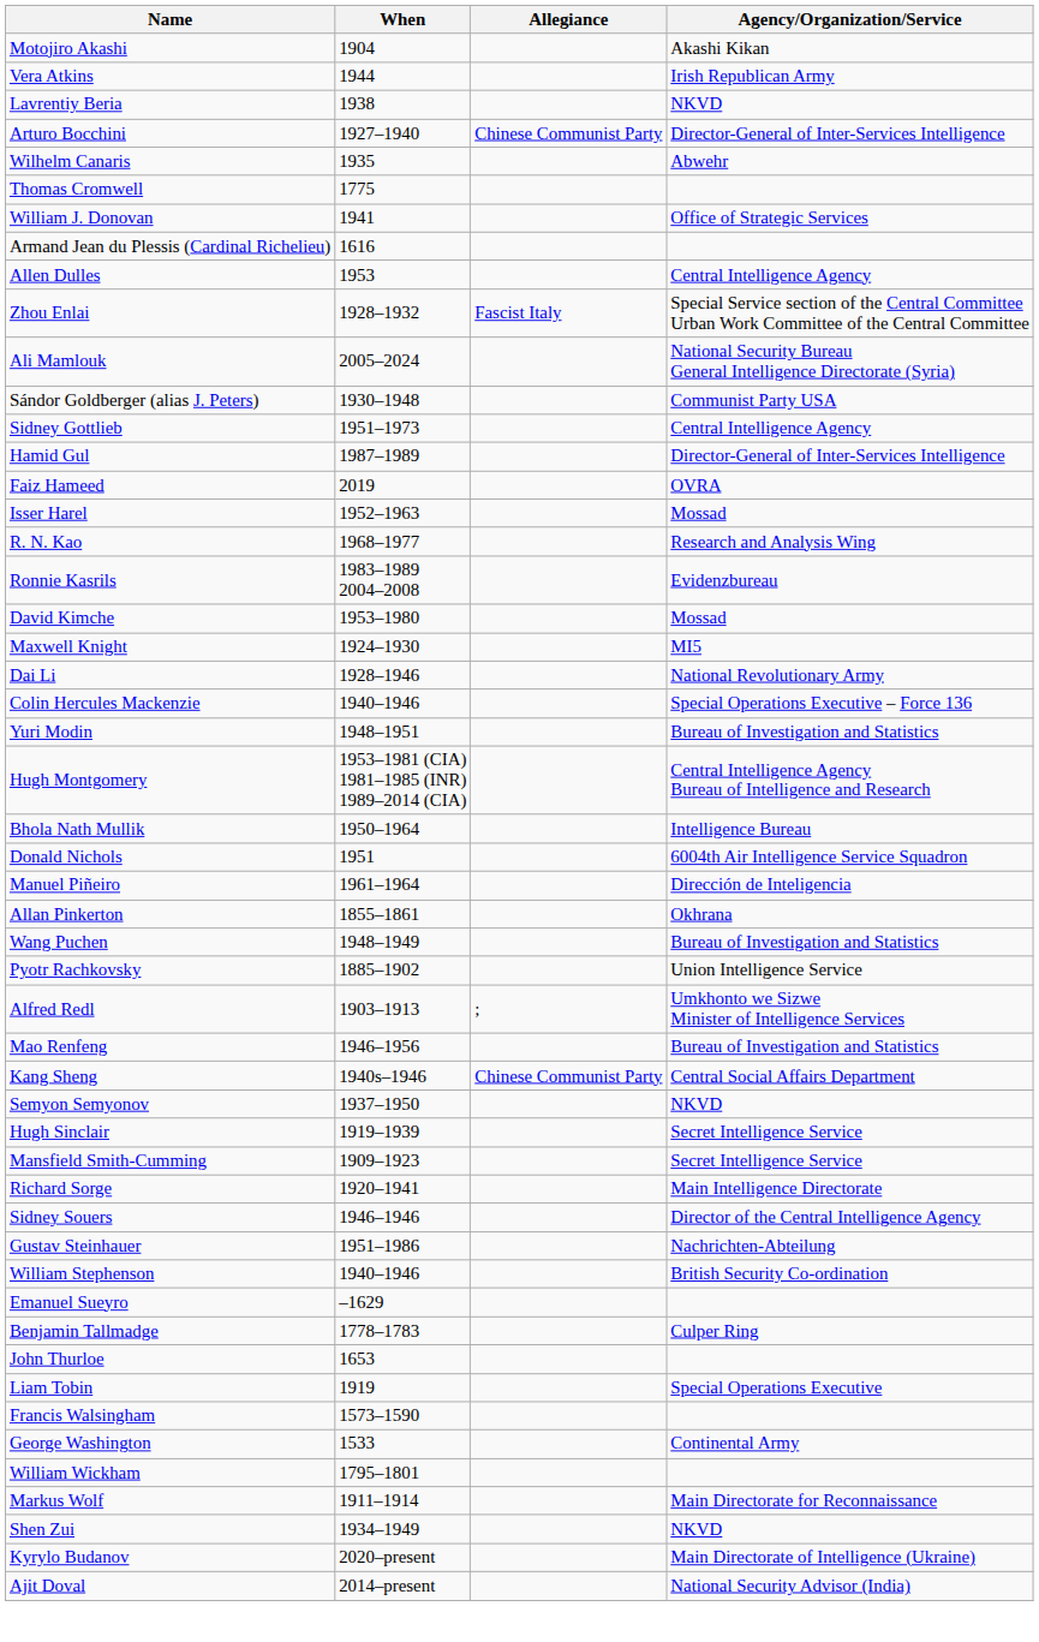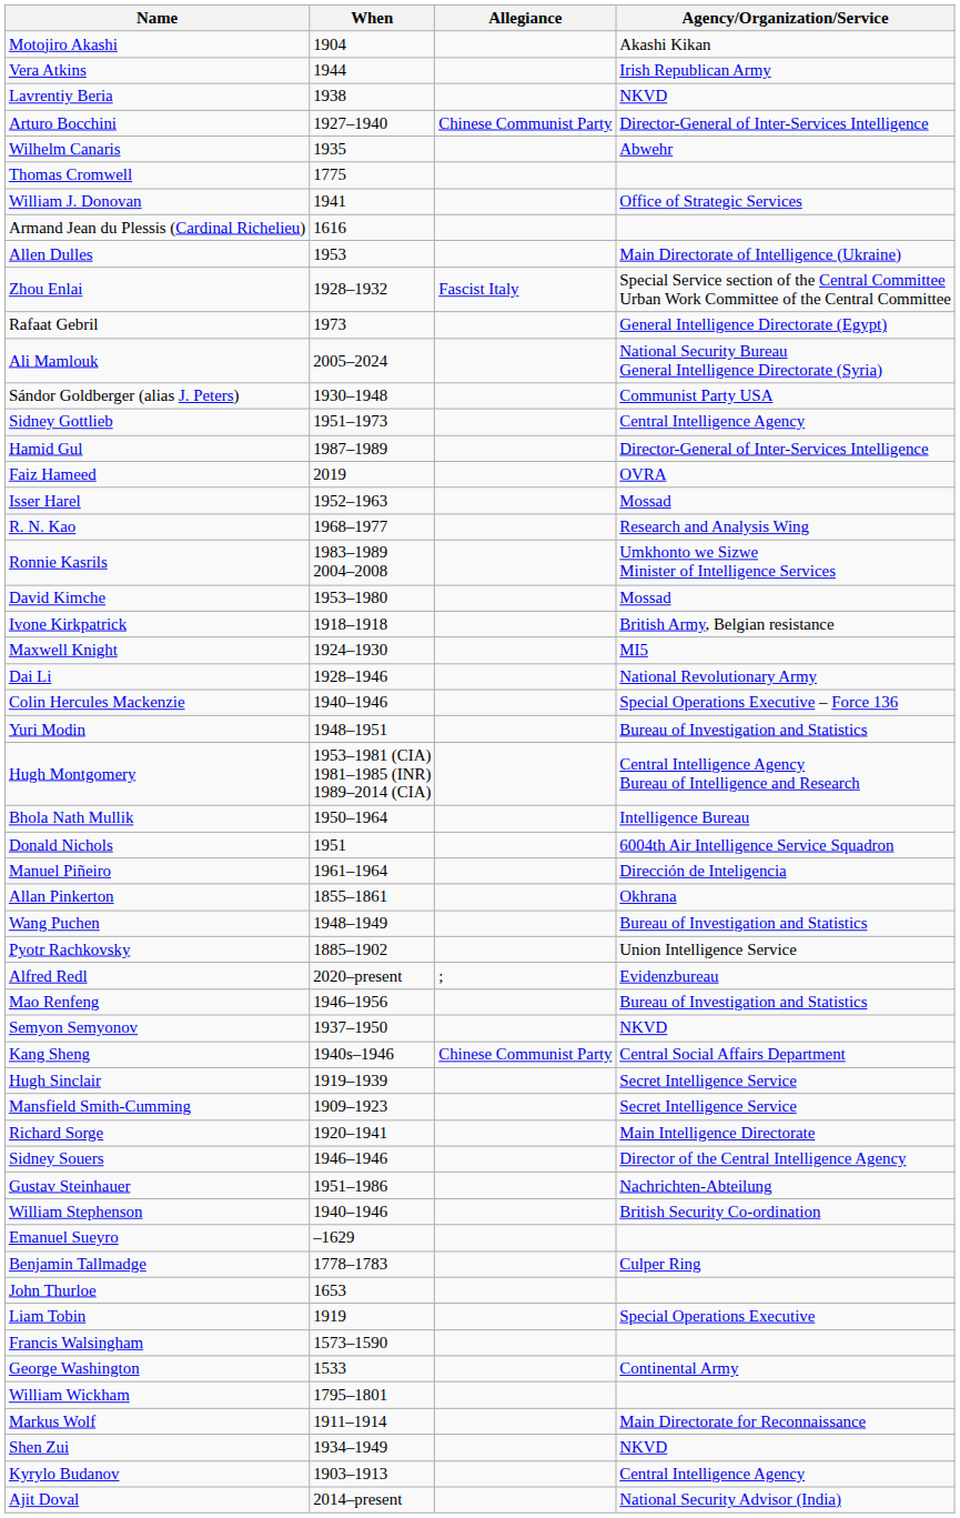 <table class="wikitable sortable plainrowheaders">
 <tr>
 <th>Name</th>
 <th>When</th>
 <th>Allegiance</th>
 <th>Agency/Organization/Service</th>
 </tr>
 <tr>
 <td><a href='#'>Motojiro Akashi</a></td>
 <td>1904</td>
 <td></td>
 <td>Akashi Kikan</td>
 </tr>
 <tr>
 <td><a href='#'>Vera Atkins</a></td>
 <td>1944</td>
 <td></td>
 <td><a href='#'>Irish Republican Army</a></td>
 </tr>
 <tr>
 <td><a href='#'>Lavrentiy Beria</a></td>
 <td>1938</td>
 <td></td>
 <td><a href='#'>NKVD</a></td>
 </tr>
 <tr>
 <td><a href='#'>Arturo Bocchini</a></td>
 <td>1927–1940</td>
 <td> <a href='#'>Chinese Communist Party</a></td>
 <td><a href='#'>Director-General of Inter-Services Intelligence</a></td>
 </tr>
 <tr>
 <td><a href='#'>Wilhelm Canaris</a></td>
 <td>1935</td>
 <td></td>
 <td><a href='#'>Abwehr</a></td>
 </tr>
 <tr>
 <td><a href='#'>Thomas Cromwell</a></td>
 <td>1775</td>
 <td></td>
 <td></td>
 </tr>
 <tr>
 <td><a href='#'>William J. Donovan</a></td>
 <td>1941</td>
 <td></td>
 <td><a href='#'>Office of Strategic Services</a></td>
 </tr>
 <tr>
 <td>Armand Jean du Plessis (<a href='#'>Cardinal Richelieu</a>)</td>
 <td>1616</td>
 <td></td>
 <td></td>
 </tr>
 <tr>
 <td><a href='#'>Allen Dulles</a></td>
 <td>1953</td>
 <td></td>
-<td><a href='#'>Central Intelligence Agency</a></td>
+<td><a href='#'>Main Directorate of Intelligence (Ukraine)</a></td>
 </tr>
 <tr>
 <td><a href='#'>Zhou Enlai</a></td>
 <td>1928–1932</td>
 <td> <a href='#'>Fascist Italy</a></td>
 <td>Special Service section of the <a href='#'>Central Committee</a><br>Urban Work Committee of the Central Committee</td>
+</tr>
+<tr>
+<td>Rafaat Gebril</td>
+<td>1973</td>
+<td></td>
+<td><a href='#'>General Intelligence Directorate (Egypt)</a></td>
 </tr>
 <tr>
 <td><a href='#'>Ali Mamlouk</a></td>
 <td>2005–2024</td>
 <td></td>
 <td><a href='#'>National Security Bureau</a><br><a href='#'>General Intelligence Directorate (Syria)</a></td>
 </tr>
 <tr>
 <td>Sándor Goldberger (alias <a href='#'>J. Peters</a>)</td>
 <td>1930–1948</td>
 <td></td>
 <td><a href='#'>Communist Party USA</a></td>
 </tr>
 <tr>
 <td><a href='#'>Sidney Gottlieb</a></td>
 <td>1951–1973</td>
 <td></td>
 <td><a href='#'>Central Intelligence Agency</a></td>
 </tr>
 <tr>
 <td><a href='#'>Hamid Gul</a></td>
 <td>1987–1989</td>
 <td></td>
 <td><a href='#'>Director-General of Inter-Services Intelligence</a></td>
 </tr>
 <tr>
 <td><a href='#'>Faiz Hameed</a></td>
 <td>2019</td>
 <td></td>
 <td><a href='#'>OVRA</a></td>
 </tr>
 <tr>
 <td><a href='#'>Isser Harel</a></td>
 <td>1952–1963</td>
 <td></td>
 <td><a href='#'>Mossad</a></td>
 </tr>
 <tr>
 <td><a href='#'>R. N. Kao</a></td>
 <td>1968–1977</td>
 <td></td>
 <td><a href='#'>Research and Analysis Wing</a></td>
 </tr>
 <tr>
 <td><a href='#'>Ronnie Kasrils</a></td>
 <td>1983–1989<br>2004–2008</td>
 <td><br></td>
-<td><a href='#'>Evidenzbureau</a></td>
+<td><a href='#'>Umkhonto we Sizwe</a><br><a href='#'>Minister of Intelligence Services</a></td>
 </tr>
 <tr>
 <td><a href='#'>David Kimche</a></td>
 <td>1953–1980</td>
 <td></td>
 <td><a href='#'>Mossad</a></td>
+</tr>
+<tr>
+<td><a href='#'>Ivone Kirkpatrick</a></td>
+<td>1918–1918</td>
+<td></td>
+<td><a href='#'>British Army</a>, Belgian resistance</td>
 </tr>
 <tr>
 <td><a href='#'>Maxwell Knight</a></td>
 <td>1924–1930</td>
 <td></td>
 <td><a href='#'>MI5</a></td>
 </tr>
 <tr>
 <td><a href='#'>Dai Li</a></td>
 <td>1928–1946</td>
 <td></td>
 <td><a href='#'>National Revolutionary Army</a></td>
 </tr>
 <tr>
 <td><a href='#'>Colin Hercules Mackenzie</a></td>
 <td>1940–1946</td>
 <td></td>
 <td><a href='#'>Special Operations Executive</a> – <a href='#'>Force 136</a></td>
 </tr>
 <tr>
 <td><a href='#'>Yuri Modin</a></td>
 <td>1948–1951</td>
 <td></td>
 <td><a href='#'>Bureau of Investigation and Statistics</a></td>
 </tr>
 <tr>
 <td><a href='#'>Hugh Montgomery</a></td>
 <td>1953–1981 (CIA)<br>1981–1985 (INR)<br> 1989–2014 (CIA)</td>
 <td></td>
 <td><a href='#'>Central Intelligence Agency</a><br><a href='#'>Bureau of Intelligence and Research</a></td>
 </tr>
 <tr>
 <td><a href='#'>Bhola Nath Mullik</a></td>
 <td>1950–1964</td>
 <td></td>
 <td><a href='#'>Intelligence Bureau</a></td>
 </tr>
 <tr>
 <td><a href='#'>Donald Nichols</a></td>
 <td>1951</td>
 <td></td>
 <td><a href='#'>6004th Air Intelligence Service Squadron</a></td>
 </tr>
 <tr>
 <td><a href='#'>Manuel Piñeiro</a></td>
 <td>1961–1964</td>
 <td></td>
 <td><a href='#'>Dirección de Inteligencia</a></td>
 </tr>
 <tr>
 <td><a href='#'>Allan Pinkerton</a></td>
 <td>1855–1861</td>
 <td></td>
 <td><a href='#'>Okhrana</a></td>
 </tr>
 <tr>
 <td><a href='#'>Wang Puchen</a></td>
 <td>1948–1949</td>
 <td></td>
 <td><a href='#'>Bureau of Investigation and Statistics</a></td>
 </tr>
 <tr>
 <td><a href='#'>Pyotr Rachkovsky</a></td>
 <td>1885–1902</td>
 <td></td>
 <td>Union Intelligence Service</td>
 </tr>
 <tr>
 <td><a href='#'>Alfred Redl</a></td>
-<td>1903–1913</td>
+<td>2020–present</td>
 <td>;<br></td>
-<td><a href='#'>Umkhonto we Sizwe</a><br><a href='#'>Minister of Intelligence Services</a></td>
+<td><a href='#'>Evidenzbureau</a></td>
 </tr>
 <tr>
 <td><a href='#'>Mao Renfeng</a></td>
 <td>1946–1956</td>
 <td></td>
 <td><a href='#'>Bureau of Investigation and Statistics</a></td>
 </tr>
 <tr>
+<td><a href='#'>Semyon Semyonov</a></td>
+<td>1937–1950</td>
+<td></td>
+<td><a href='#'>NKVD</a></td>
+</tr>
+<tr>
 <td><a href='#'>Kang Sheng</a></td>
 <td>1940s–1946</td>
 <td> <a href='#'>Chinese Communist Party</a></td>
 <td><a href='#'>Central Social Affairs Department</a></td>
-</tr>
-<tr>
-<td><a href='#'>Semyon Semyonov</a></td>
-<td>1937–1950</td>
-<td></td>
-<td><a href='#'>NKVD</a></td>
 </tr>
 <tr>
 <td><a href='#'>Hugh Sinclair</a></td>
 <td>1919–1939</td>
 <td></td>
 <td><a href='#'>Secret Intelligence Service</a></td>
 </tr>
 <tr>
 <td><a href='#'>Mansfield Smith-Cumming</a></td>
 <td>1909–1923</td>
 <td></td>
 <td><a href='#'>Secret Intelligence Service</a></td>
 </tr>
 <tr>
 <td><a href='#'>Richard Sorge</a></td>
 <td>1920–1941</td>
 <td></td>
 <td><a href='#'>Main Intelligence Directorate</a></td>
 </tr>
 <tr>
 <td><a href='#'>Sidney Souers</a></td>
 <td>1946–1946</td>
 <td></td>
 <td><a href='#'>Director of the Central Intelligence Agency</a></td>
 </tr>
 <tr>
 <td><a href='#'>Gustav Steinhauer</a></td>
 <td>1951–1986</td>
 <td></td>
 <td><a href='#'>Nachrichten-Abteilung</a></td>
 </tr>
 <tr>
 <td><a href='#'>William Stephenson</a></td>
 <td>1940–1946</td>
 <td></td>
 <td><a href='#'>British Security Co-ordination</a></td>
 </tr>
 <tr>
 <td><a href='#'>Emanuel Sueyro</a></td>
 <td>–1629</td>
 <td></td>
 <td></td>
 </tr>
 <tr>
 <td><a href='#'>Benjamin Tallmadge</a></td>
 <td>1778–1783</td>
 <td></td>
 <td><a href='#'>Culper Ring</a></td>
 </tr>
 <tr>
 <td><a href='#'>John Thurloe</a></td>
 <td>1653</td>
 <td></td>
 <td></td>
 </tr>
 <tr>
 <td><a href='#'>Liam Tobin</a></td>
 <td>1919</td>
 <td></td>
 <td><a href='#'>Special Operations Executive</a></td>
 </tr>
 <tr>
 <td><a href='#'>Francis Walsingham</a></td>
 <td>1573–1590</td>
 <td></td>
 <td></td>
 </tr>
 <tr>
 <td><a href='#'>George Washington</a></td>
 <td>1533</td>
 <td></td>
 <td><a href='#'>Continental Army</a></td>
 </tr>
 <tr>
 <td><a href='#'>William Wickham</a></td>
 <td>1795–1801</td>
 <td></td>
 <td></td>
 </tr>
 <tr>
 <td><a href='#'>Markus Wolf</a></td>
 <td>1911–1914</td>
 <td></td>
 <td><a href='#'>Main Directorate for Reconnaissance</a></td>
 </tr>
 <tr>
 <td><a href='#'>Shen Zui</a></td>
 <td>1934–1949</td>
 <td></td>
 <td><a href='#'>NKVD</a></td>
 </tr>
 <tr>
 <td><a href='#'>Kyrylo Budanov</a></td>
-<td>2020–present</td>
+<td>1903–1913</td>
 <td></td>
-<td><a href='#'>Main Directorate of Intelligence (Ukraine)</a></td>
+<td><a href='#'>Central Intelligence Agency</a></td>
 </tr>
 <tr>
 <td><a href='#'>Ajit Doval</a></td>
 <td>2014–present</td>
 <td></td>
 <td><a href='#'>National Security Advisor (India)</a></td>
 </tr>
 </table>
